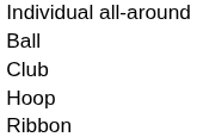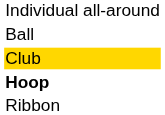 <table>
 <tr>
 <td>Individual all-around<br></td>
 <td></td>
 <td></td>
 <td></td>
 </tr>
 <tr>
 <td>Ball <br></td>
 <td></td>
 <td></td>
 <td></td>
 </tr>
 <tr>
-<td>Club <br></td>
+<td style="background: gold;">Club <br></td>
 <td></td>
 <td></td>
 <td></td>
 </tr>
 <tr>
-<td>Hoop <br></td>
+<td><strong>Hoop <br></strong></td>
 <td></td>
 <td></td>
 <td></td>
 </tr>
 <tr>
 <td>Ribbon <br></td>
 <td></td>
 <td></td>
 <td></td>
 </tr>
 </table>
